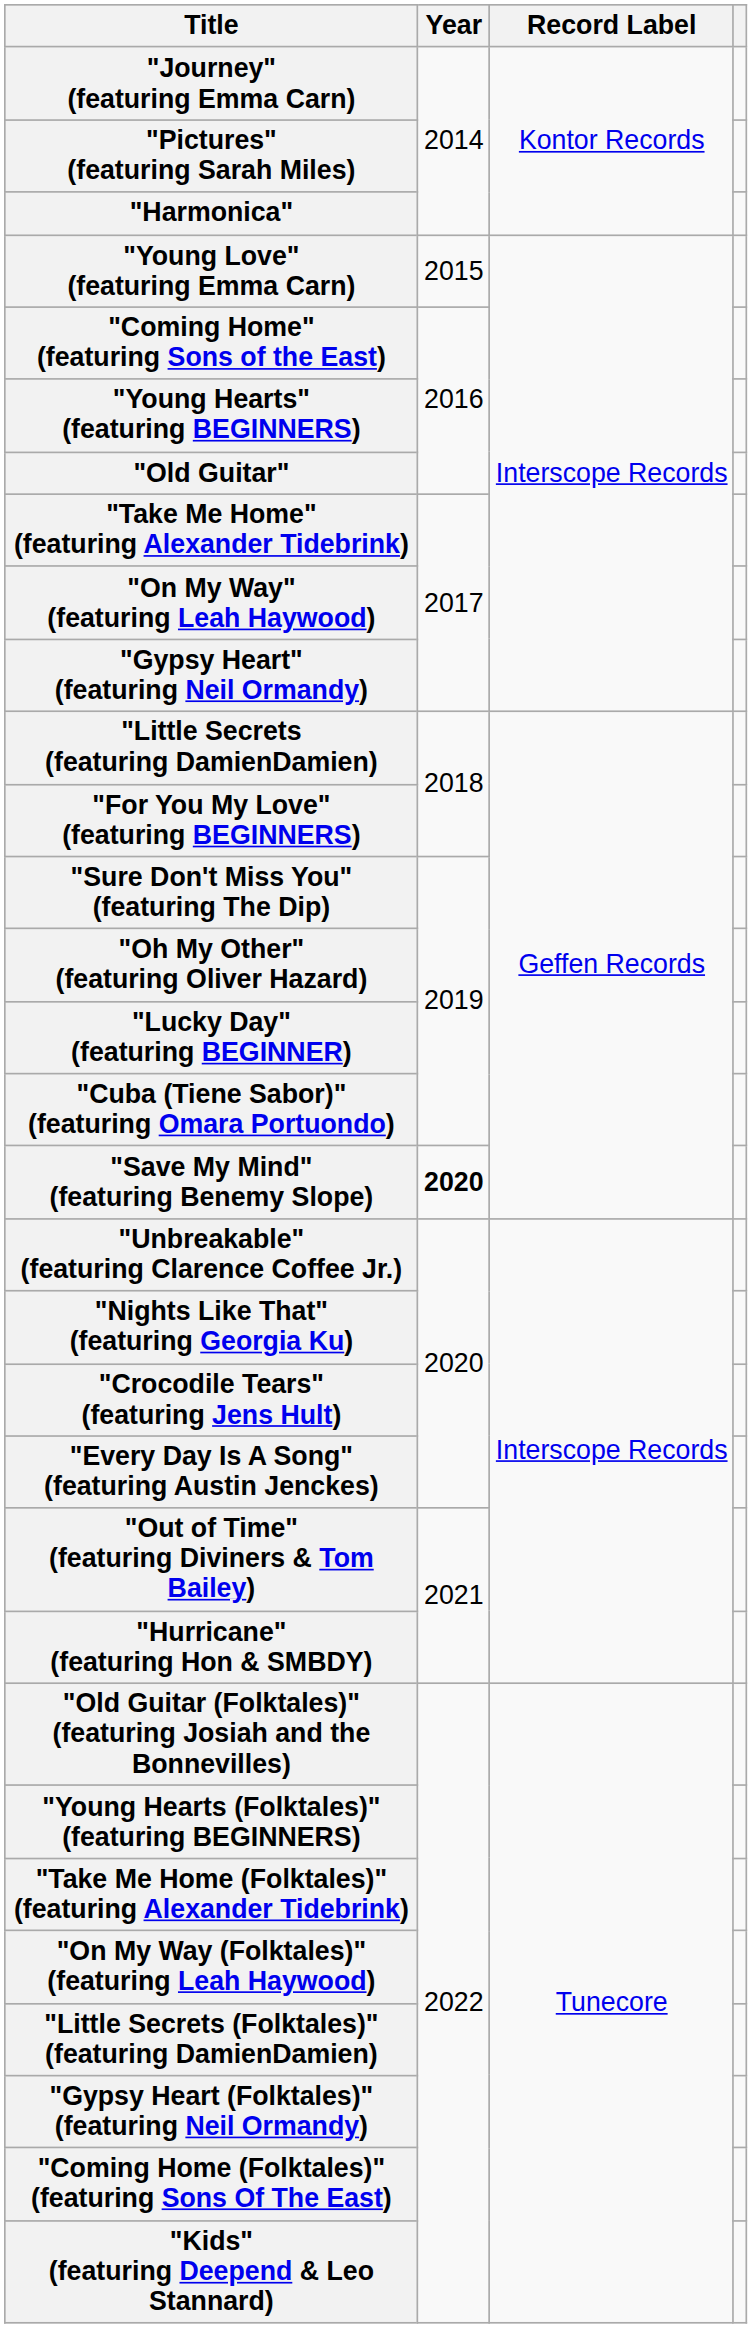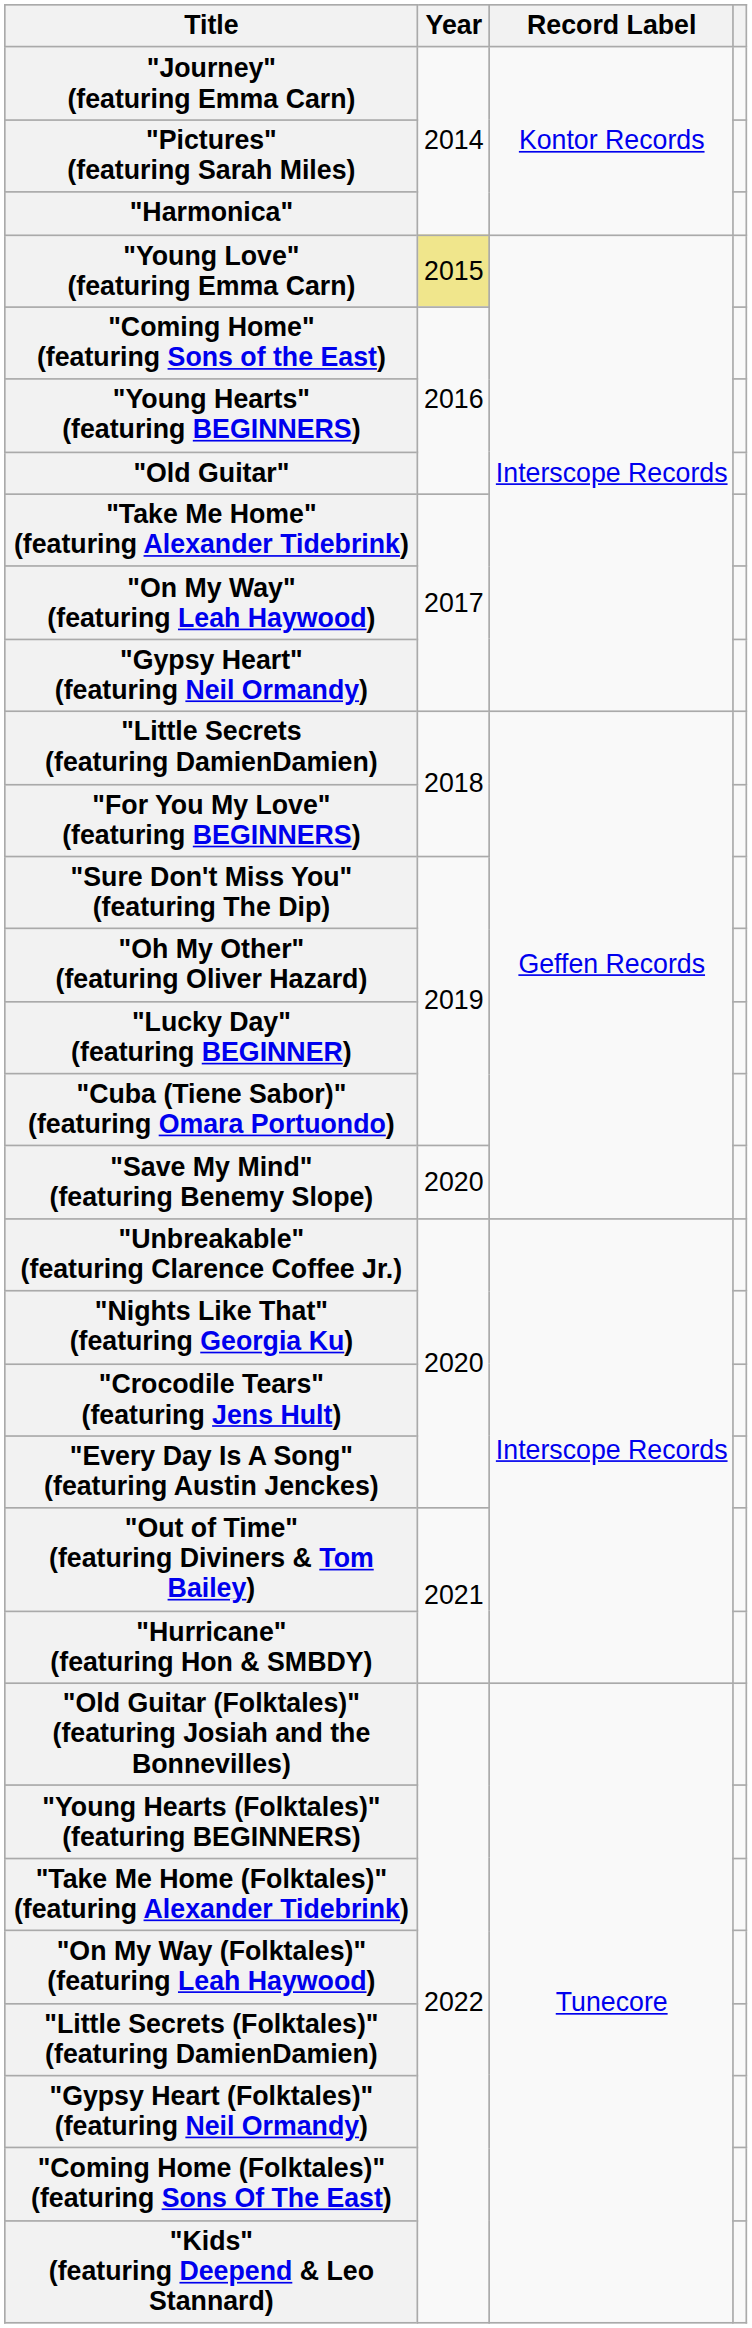 <table class="wikitable plainrowheaders" style="text-align:center;">
 <tr>
 <th scope="col" style="width:15em;">Title</th>
 <th scope="col" style="width:1em;">Year</th>
 <th scope="col">Record Label</th>
 <th scope="col"></th>
 </tr>
 <tr>
 <th scope="row">"Journey" <br><span>(featuring Emma Carn)</span></th>
 <td rowspan="3">2014</td>
 <td rowspan="3"><a href='#'>Kontor Records</a></td>
 <td></td>
 </tr>
 <tr>
 <th scope="row">"Pictures"<br><span>(featuring Sarah Miles)</span></th>
 <td></td>
 </tr>
 <tr>
 <th scope="row">"Harmonica"</th>
 <td></td>
 </tr>
 <tr>
 <th scope="row">"Young Love" <br><span>(featuring Emma Carn)</span></th>
-<td>2015</td>
+<td style="background: khaki;">2015</td>
 <td rowspan="7"><a href='#'>Interscope Records</a></td>
 <td></td>
 </tr>
 <tr>
 <th scope="row">"Coming Home" <br><span>(featuring <a href='#'>Sons of the East</a>)</span></th>
 <td rowspan="3">2016</td>
 <td></td>
 </tr>
 <tr>
 <th scope="row">"Young Hearts" <br><span>(featuring <a href='#'>BEGINNERS</a>)</span></th>
 <td></td>
 </tr>
 <tr>
 <th scope="row">"Old Guitar"</th>
 <td></td>
 </tr>
 <tr>
 <th scope="row">"Take Me Home" <br><span>(featuring <a href='#'>Alexander Tidebrink</a>)</span></th>
 <td rowspan="3">2017</td>
 <td></td>
 </tr>
 <tr>
 <th scope="row">"On My Way" <br><span>(featuring <a href='#'>Leah Haywood</a>)</span></th>
 <td></td>
 </tr>
 <tr>
 <th scope="row">"Gypsy Heart" <br><span>(featuring <a href='#'>Neil Ormandy</a>)</span></th>
 <td></td>
 </tr>
 <tr>
 <th scope="row">"Little Secrets <br><span>(featuring DamienDamien)</span></th>
 <td rowspan="2">2018</td>
 <td rowspan="7"><a href='#'>Geffen Records</a></td>
 <td></td>
 </tr>
 <tr>
 <th scope="row">"For You My Love" <br><span>(featuring <a href='#'>BEGINNERS</a>)</span></th>
 <td></td>
 </tr>
 <tr>
 <th scope="row">"Sure Don't Miss You" <br><span>(featuring The Dip)</span></th>
 <td rowspan="4">2019</td>
 <td></td>
 </tr>
 <tr>
 <th scope="row">"Oh My Other" <br><span>(featuring Oliver Hazard)</span></th>
 <td></td>
 </tr>
 <tr>
 <th scope="row">"Lucky Day" <br><span>(featuring <a href='#'>BEGINNER</a>)</span></th>
 <td></td>
 </tr>
 <tr>
 <th scope="row">"Cuba (Tiene Sabor)" <br><span>(featuring <a href='#'>Omara Portuondo</a>)</span></th>
 <td></td>
 </tr>
 <tr>
 <th scope="row">"Save My Mind" <br><span>(featuring Benemy Slope)</span></th>
-<td rowspan="1"><strong>2020</strong></td>
+<td rowspan="1">2020</td>
 <td></td>
 </tr>
 <tr>
 <th scope="row">"Unbreakable" <br><span>(featuring Clarence Coffee Jr.)</span></th>
 <td rowspan="4">2020</td>
 <td rowspan="6"><a href='#'>Interscope Records</a></td>
 <td></td>
 </tr>
 <tr>
 <th scope="row">"Nights Like That" <br><span>(featuring <a href='#'>Georgia Ku</a>)</span></th>
 <td></td>
 </tr>
 <tr>
 <th scope="row">"Crocodile Tears" <br><span>(featuring <a href='#'>Jens Hult</a>)</span></th>
 <td></td>
 </tr>
 <tr>
 <th scope="row">"Every Day Is A Song" <br><span>(featuring Austin Jenckes)</span></th>
 <td></td>
 </tr>
 <tr>
 <th scope="row">"Out of Time" <br><span>(featuring Diviners & <a href='#'>Tom Bailey</a>)</span></th>
 <td rowspan="2">2021</td>
 <td></td>
 </tr>
 <tr>
 <th scope="row">"Hurricane" <br><span>(featuring Hon & SMBDY)</span></th>
 <td></td>
 </tr>
 <tr>
 <th scope="row">"Old Guitar (Folktales)" <br><span>(featuring Josiah and the Bonnevilles)</span></th>
 <td rowspan="8">2022</td>
 <td rowspan="8"><a href='#'>Tunecore</a></td>
 <td></td>
 </tr>
 <tr>
 <th scope="row">"Young Hearts (Folktales)" <br><span>(featuring BEGINNERS)</span></th>
 <td></td>
 </tr>
 <tr>
 <th scope="row">"Take Me Home (Folktales)" <br><span>(featuring <a href='#'>Alexander Tidebrink</a>)</span></th>
 <td></td>
 </tr>
 <tr>
 <th scope="row">"On My Way (Folktales)" <br><span>(featuring <a href='#'>Leah Haywood</a>)</span></th>
 <td></td>
 </tr>
 <tr>
 <th scope="row">"Little Secrets (Folktales)" <br><span>(featuring DamienDamien)</span></th>
 <td></td>
 </tr>
 <tr>
 <th scope="row">"Gypsy Heart (Folktales)" <br><span>(featuring <a href='#'>Neil Ormandy</a>)</span></th>
 <td></td>
 </tr>
 <tr>
 <th scope="row">"Coming Home (Folktales)" <br><span>(featuring <a href='#'>Sons Of The East</a>)</span></th>
 <td></td>
 </tr>
 <tr>
 <th scope="row">"Kids" <br><span>(featuring <a href='#'>Deepend</a> & Leo Stannard)</span></th>
 <td></td>
 </tr>
 </table>
